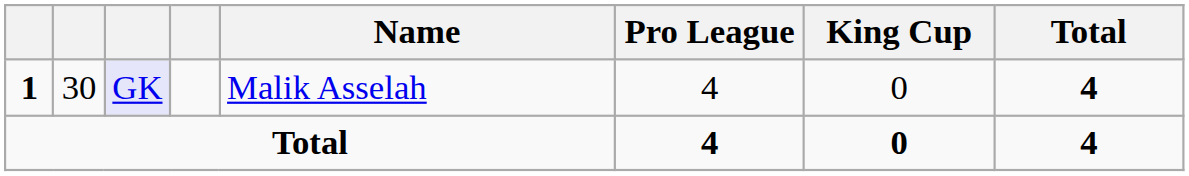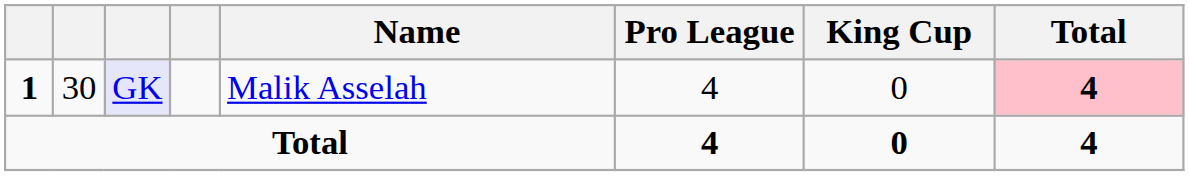 <table class="wikitable" style="text-align:center">
 <tr>
 <th width=15></th>
 <th width=15></th>
 <th width=15></th>
 <th width=15></th>
 <th width=175>Name</th>
 <th width=80>Pro League</th>
 <th width=80>King Cup</th>
 <th width=80>Total</th>
 </tr>
 <tr>
 <td><strong>1</strong></td>
 <td>30</td>
 <td style="background: lavender;"><a href='#'>GK</a></td>
 <td></td>
 <td align=left><a href='#'>Malik Asselah</a></td>
 <td>4</td>
 <td>0</td>
-<td><strong>4</strong></td>
+<td style="background: pink;"><strong>4</strong></td>
 </tr>
 <tr>
 <td colspan=5><strong>Total</strong></td>
 <td><strong>4</strong></td>
 <td><strong>0</strong></td>
 <td><strong>4</strong></td>
 </tr>
 </table>
